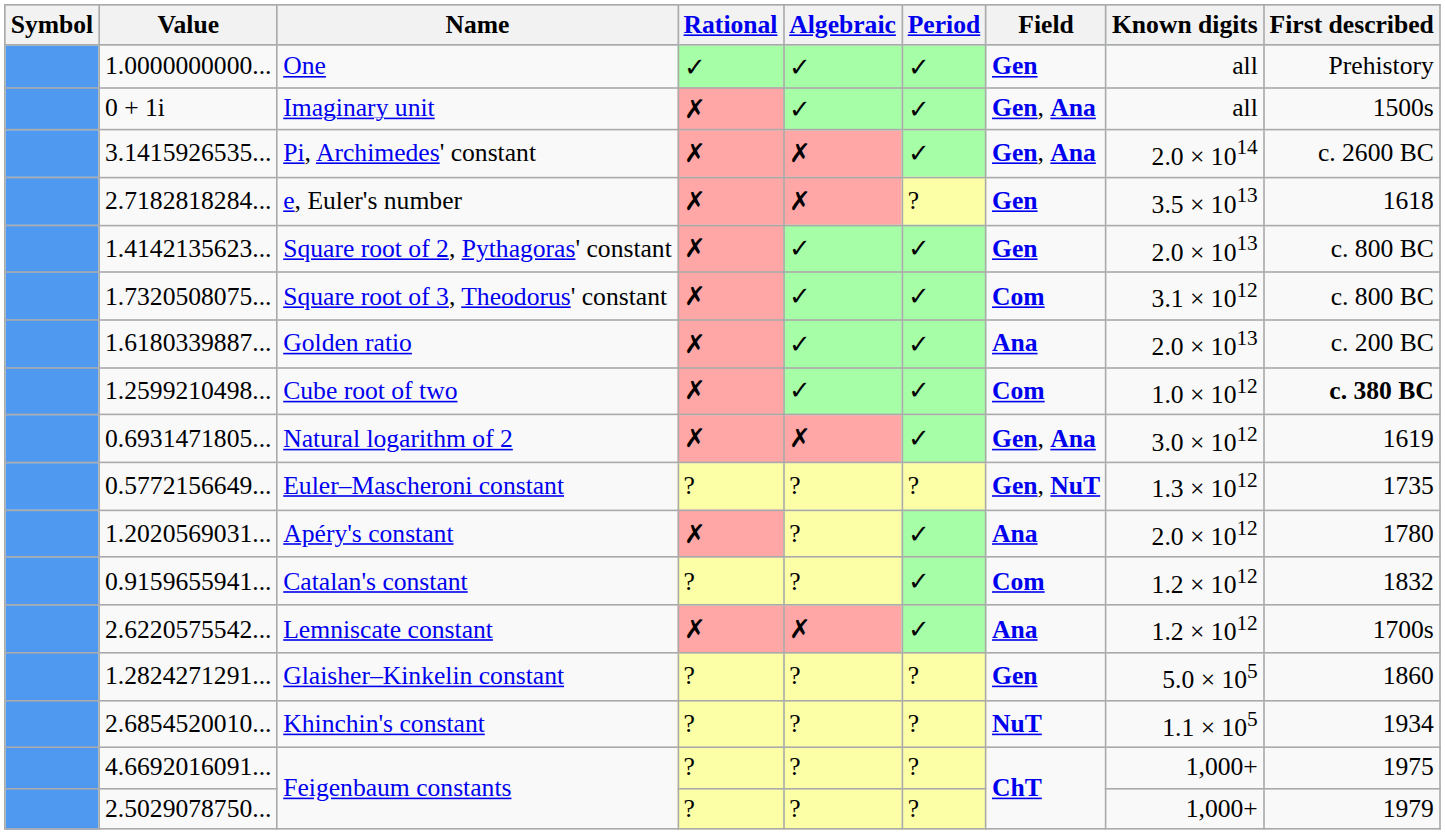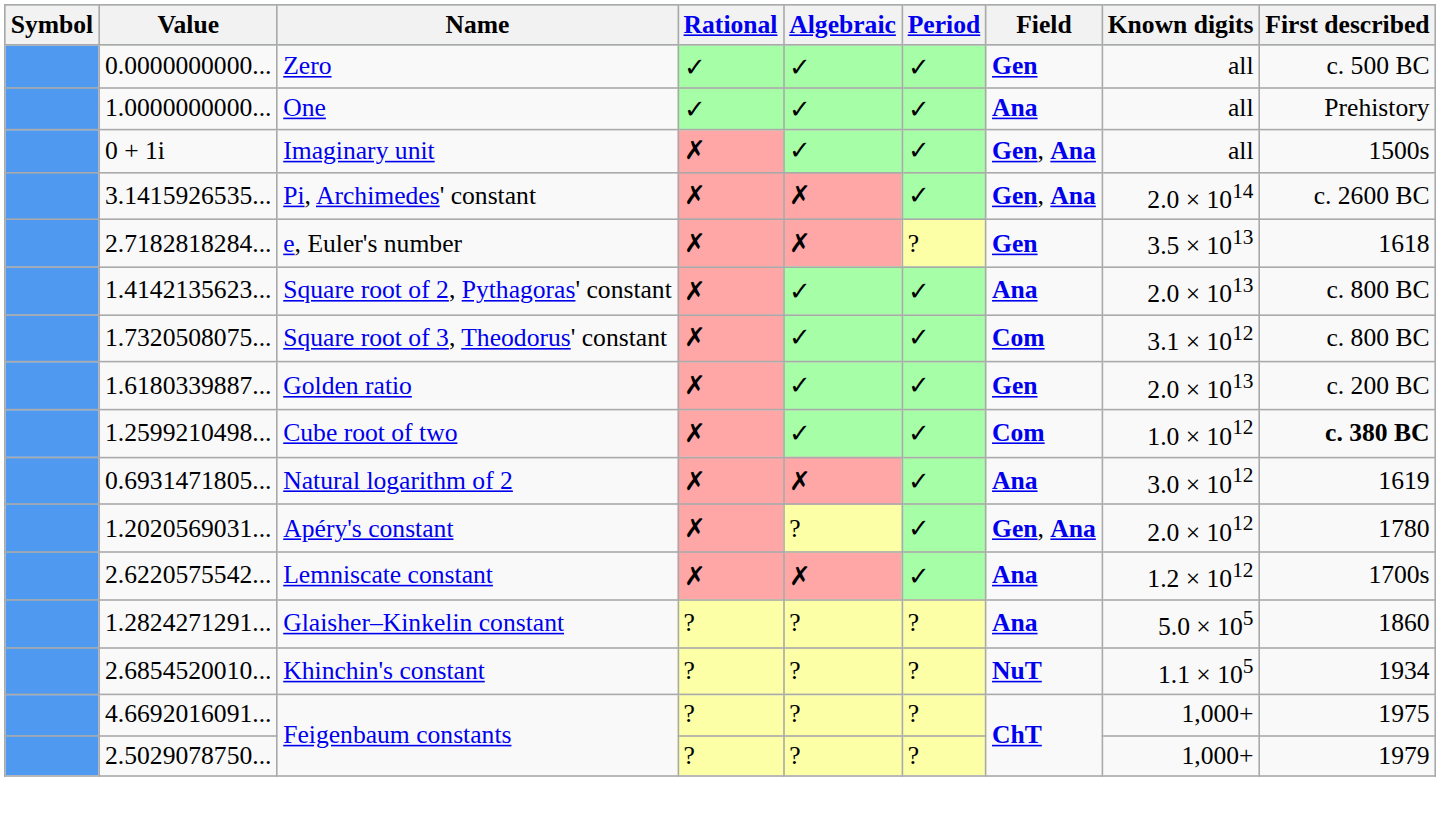 <table class="wikitable sortable">
 <tr style="background:#a0e0a0;">
 <th>Symbol</th>
 <th>Value</th>
 <th>Name</th>
 <th><a href='#'>Rational</a></th>
 <th><a href='#'>Algebraic</a></th>
 <th><a href='#'>Period</a></th>
 <th>Field</th>
 <th>Known digits</th>
 <th>First described</th>
 </tr>
 <tr>
 <td style="background:#4f9af0; text-align:center;"><div></div></td>
+<td>0.0000000000...</td>
+<td><a href='#'>Zero</a></td>
+<td data-sort-value="0" style="background:#a6ffa7;">✓</td>
+<td data-sort-value="0" style="background:#a6ffa7;">✓</td>
+<td data-sort-value="0" style="background:#a6ffa7;">✓</td>
+<td><strong><a href='#'>Gen</a></strong></td>
+<td align="right">all</td>
+<td data-sort-value="-500" align="right">c. 500 BC</td>
+</tr>
+<tr>
+<td style="background:#4f9af0; text-align:center;"><div></div></td>
 <td>1.0000000000...</td>
 <td><a href='#'>One</a></td>
 <td data-sort-value="0" style="background:#a6ffa7;">✓</td>
 <td data-sort-value="0" style="background:#a6ffa7;">✓</td>
 <td data-sort-value="0" style="background:#a6ffa7;">✓</td>
-<td><strong><a href='#'>Gen</a></strong></td>
+<td><strong><a href='#'>Ana</a></strong></td>
 <td align="right">all</td>
 <td data-sort-value="-5000" align="right">Prehistory</td>
 </tr>
 <tr>
 <td style="background:#4f9af0; text-align:center;"><div></div></td>
 <td>0 + 1i</td>
 <td><a href='#'>Imaginary unit</a></td>
 <td data-sort-value="2" style="background:#ffa6a6;">✗</td>
 <td data-sort-value="0" style="background:#a6ffa7;">✓</td>
 <td data-sort-value="0" style="background:#a6ffa7;">✓</td>
 <td><strong><a href='#'>Gen</a></strong>, <strong><a href='#'>Ana</a></strong></td>
 <td align="right">all</td>
 <td data-sort-value="1500" align="right">1500s</td>
 </tr>
 <tr>
 <td style="background:#4f9af0; text-align:center;"><div></div></td>
 <td>3.1415926535...</td>
 <td><a href='#'>Pi</a>, <a href='#'>Archimedes</a>' constant</td>
 <td data-sort-value="2" style="background:#ffa6a6;">✗</td>
 <td data-sort-value="2" style="background:#ffa6a6;">✗</td>
 <td data-sort-value="0" style="background:#a6ffa7;">✓</td>
 <td><strong><a href='#'>Gen</a></strong>, <strong><a href='#'>Ana</a></strong></td>
 <td data-sort-value="200000" align="right">2.0 × 10<sup>14</sup></td>
 <td data-sort-value="-2600" align="right">c. 2600 BC</td>
 </tr>
 <tr>
 <td style="background:#4f9af0; text-align:center;"><div></div></td>
 <td>2.7182818284...</td>
 <td><a href='#'>e</a>, Euler's number</td>
 <td data-sort-value="2" style="background:#ffa6a6;">✗</td>
 <td data-sort-value="2" style="background:#ffa6a6;">✗</td>
 <td data-sort-value="1" style="background:#fcffa6;">?</td>
 <td><strong><a href='#'>Gen</a></strong></td>
 <td data-sort-value="35000" align="right">3.5 × 10<sup>13</sup></td>
 <td align="right">1618</td>
 </tr>
 <tr>
 <td style="background:#4f9af0; text-align:center;"><div></div></td>
 <td>1.4142135623...</td>
 <td><a href='#'>Square root of 2</a>, <a href='#'>Pythagoras</a>' constant</td>
 <td data-sort-value="2" style="background:#ffa6a6;">✗</td>
 <td data-sort-value="0" style="background:#a6ffa7;">✓</td>
 <td data-sort-value="0" style="background:#a6ffa7;">✓</td>
-<td><strong><a href='#'>Gen</a></strong></td>
+<td><strong><a href='#'>Ana</a></strong></td>
 <td data-sort-value="20000" style="text-align:right;">2.0 × 10<sup>13</sup></td>
 <td data-sort-value="-800" align="right">c. 800 BC</td>
 </tr>
 <tr>
 <td style="background:#4f9af0; text-align:center;"><div></div></td>
 <td>1.7320508075...</td>
 <td><a href='#'>Square root of 3</a>, <a href='#'>Theodorus</a>' constant</td>
 <td data-sort-value="2" style="background:#ffa6a6;">✗</td>
 <td data-sort-value="0" style="background:#a6ffa7;">✓</td>
 <td data-sort-value="0" style="background:#a6ffa7;">✓</td>
 <td><strong><a href='#'>Com</a></strong></td>
 <td data-sort-value="3100" style="text-align:right;">3.1 × 10<sup>12</sup></td>
 <td data-sort-value="-800" align="right">c. 800 BC</td>
 </tr>
 <tr>
 <td style="background:#4f9af0; text-align:center;"><div></div></td>
 <td>1.6180339887...</td>
 <td><a href='#'>Golden ratio</a></td>
 <td data-sort-value="2" style="background:#ffa6a6;">✗</td>
 <td data-sort-value="0" style="background:#a6ffa7;">✓</td>
 <td data-sort-value="0" style="background:#a6ffa7;">✓</td>
-<td><strong><a href='#'>Ana</a></strong></td>
+<td><strong><a href='#'>Gen</a></strong></td>
 <td data-sort-value="20000" style="text-align:right;">2.0 × 10<sup>13</sup></td>
 <td data-sort-value="-200" align="right">c. 200 BC</td>
 </tr>
 <tr>
 <td style="background:#4f9af0; text-align:center;"><div></div></td>
 <td>1.2599210498...</td>
 <td><a href='#'>Cube root of two</a></td>
 <td data-sort-value="2" style="background:#ffa6a6;">✗</td>
 <td data-sort-value="0" style="background:#a6ffa7;">✓</td>
 <td data-sort-value="0" style="background:#a6ffa7;">✓</td>
 <td><strong><a href='#'>Com</a></strong></td>
 <td data-sort-value="1000" style="text-align:right;">1.0 × 10<sup>12</sup></td>
 <td data-sort-value="-380" align="right"><strong>c. 380 BC</strong></td>
 </tr>
 <tr>
 <td style="background:#4f9af0; text-align:center;"><div></div></td>
 <td>0.6931471805...</td>
 <td><a href='#'>Natural logarithm of 2</a></td>
 <td data-sort-value="2" style="background:#ffa6a6;">✗</td>
 <td data-sort-value="2" style="background:#ffa6a6;">✗</td>
 <td data-sort-value="0" style="background:#a6ffa7;">✓</td>
-<td><strong><a href='#'>Gen</a></strong>, <strong><a href='#'>Ana</a></strong></td>
+<td><strong><a href='#'>Ana</a></strong></td>
 <td data-sort-value="3000" align="right">3.0 × 10<sup>12</sup></td>
 <td align="right">1619</td>
-</tr>
-<tr>
-<td style="background:#4f9af0; text-align:center;"><div></div></td>
-<td>0.5772156649...</td>
-<td><a href='#'>Euler–Mascheroni constant</a></td>
-<td data-sort-value="1" style="background:#fcffa6;">?</td>
-<td data-sort-value="1" style="background:#fcffa6;">?</td>
-<td data-sort-value="1" style="background:#fcffa6;">?</td>
-<td><strong><a href='#'>Gen</a></strong>, <strong><a href='#'>NuT</a></strong></td>
-<td data-sort-value="1300" style="text-align:right;">1.3 × 10<sup>12</sup></td>
-<td align="right">1735</td>
 </tr>
 <tr>
 <td style="background:#4f9af0; text-align:center;"><div></div></td>
 <td>1.2020569031...</td>
 <td><a href='#'>Apéry's constant</a></td>
 <td data-sort-value="2" style="background:#ffa6a6;">✗</td>
 <td data-sort-value="1" style="background:#fcffa6;">?</td>
 <td data-sort-value="0" style="background:#a6ffa7;">✓</td>
-<td><strong><a href='#'>Ana</a></strong></td>
+<td><strong><a href='#'>Gen</a></strong>, <strong><a href='#'>Ana</a></strong></td>
 <td data-sort-value="2000" align="right">2.0 × 10<sup>12</sup></td>
 <td align="right">1780</td>
-</tr>
-<tr>
-<td style="background:#4f9af0; text-align:center;"><div></div></td>
-<td>0.9159655941...</td>
-<td><a href='#'>Catalan's constant</a></td>
-<td data-sort-value="1" style="background:#fcffa6;">?</td>
-<td data-sort-value="1" style="background:#fcffa6;">?</td>
-<td data-sort-value="0" style="background:#a6ffa7;">✓</td>
-<td><strong><a href='#'>Com</a></strong></td>
-<td data-sort-value="1200" style="text-align:right;">1.2 × 10<sup>12</sup></td>
-<td align="right">1832</td>
 </tr>
 <tr>
 <td style="background:#4f9af0; text-align:center;"><div></div></td>
 <td>2.6220575542...</td>
 <td><a href='#'>Lemniscate constant</a></td>
 <td data-sort-value="2" style="background:#ffa6a6;">✗</td>
 <td data-sort-value="2" style="background:#ffa6a6;">✗</td>
 <td data-sort-value="0" style="background:#a6ffa7;">✓</td>
 <td><strong><a href='#'>Ana</a></strong></td>
 <td data-sort-value="1200" align="right">1.2 × 10<sup>12</sup></td>
 <td data-sort-value="1700" align="right">1700s</td>
 </tr>
 <tr>
 <td style="background:#4f9af0; text-align:center;"><div></div></td>
 <td>1.2824271291...</td>
 <td><a href='#'>Glaisher–Kinkelin constant</a></td>
 <td data-sort-value="1" style="background:#fcffa6;">?</td>
 <td data-sort-value="1" style="background:#fcffa6;">?</td>
 <td data-sort-value="1" style="background:#fcffa6;">?</td>
-<td><strong><a href='#'>Gen</a></strong></td>
+<td><strong><a href='#'>Ana</a></strong></td>
 <td data-sort-value="500" align="right">5.0 × 10<sup>5</sup></td>
 <td align="right">1860</td>
 </tr>
 <tr>
 <td style="background:#4f9af0; text-align:center;"><div></div></td>
 <td>2.6854520010...</td>
 <td><a href='#'>Khinchin's constant</a></td>
 <td data-sort-value="1" style="background:#fcffa6;">?</td>
 <td data-sort-value="1" style="background:#fcffa6;">?</td>
 <td data-sort-value="1" style="background:#fcffa6;">?</td>
 <td><strong><a href='#'>NuT</a></strong></td>
 <td data-sort-value="110" align="right">1.1 × 10<sup>5</sup></td>
 <td align="right">1934</td>
 </tr>
 <tr>
 <td style="background:#4f9af0; text-align:center;"><div></div></td>
 <td>4.6692016091...</td>
 <td rowspan="2"><a href='#'>Feigenbaum constants</a></td>
 <td data-sort-value="1" style="background:#fcffa6;">?</td>
 <td data-sort-value="1" style="background:#fcffa6;">?</td>
 <td data-sort-value="1" style="background:#fcffa6;">?</td>
 <td rowspan="2"><strong><a href='#'>ChT</a></strong></td>
 <td data-sort-value="10" style="text-align:right;">1,000+</td>
 <td align="right">1975</td>
 </tr>
 <tr>
 <td style="background:#4f9af0; text-align:center;"><div></div></td>
 <td>2.5029078750...</td>
 <td data-sort-value="1" style="background:#fcffa6;">?</td>
 <td data-sort-value="1" style="background:#fcffa6;">?</td>
 <td data-sort-value="1" style="background:#fcffa6;">?</td>
 <td data-sort-value="10" style="text-align:right;">1,000+</td>
 <td align="right">1979</td>
 </tr>
 </table>
